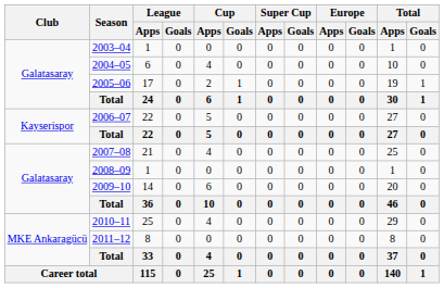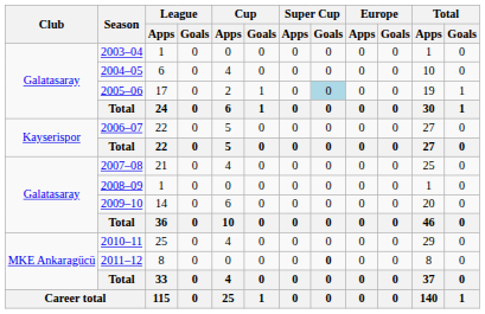 <table class="wikitable" style="text-align: center;">
 <tr>
 <th rowspan="2">Club</th>
 <th rowspan="2">Season</th>
 <th colspan="2">League</th>
 <th colspan="2">Cup</th>
 <th colspan="2">Super Cup</th>
 <th colspan="2">Europe</th>
 <th colspan="2">Total</th>
 </tr>
 <tr>
 <th>Apps</th>
 <th>Goals</th>
 <th>Apps</th>
 <th>Goals</th>
 <th>Apps</th>
 <th>Goals</th>
 <th>Apps</th>
 <th>Goals</th>
 <th>Apps</th>
 <th>Goals</th>
 </tr>
 <tr>
 <td rowspan="4" valign="center"><a href='#'>Galatasaray</a></td>
 <td><a href='#'>2003–04</a></td>
 <td>1</td>
 <td>0</td>
 <td>0</td>
 <td>0</td>
 <td>0</td>
 <td>0</td>
 <td>0</td>
 <td>0</td>
 <td>1</td>
 <td>0</td>
 </tr>
 <tr>
 <td><a href='#'>2004–05</a></td>
 <td>6</td>
 <td>0</td>
 <td>4</td>
 <td>0</td>
 <td>0</td>
 <td>0</td>
 <td>0</td>
 <td>0</td>
 <td>10</td>
 <td>0</td>
 </tr>
 <tr>
 <td><a href='#'>2005–06</a></td>
 <td>17</td>
 <td>0</td>
 <td>2</td>
 <td>1</td>
 <td>0</td>
-<td>0</td>
+<td style="background: lightblue;">0</td>
 <td>0</td>
 <td>0</td>
 <td>19</td>
 <td>1</td>
 </tr>
 <tr>
 <th>Total</th>
 <th>24</th>
 <th>0</th>
 <th>6</th>
 <th>1</th>
 <th>0</th>
 <th>0</th>
 <th>0</th>
 <th>0</th>
 <th>30</th>
 <th>1</th>
 </tr>
 <tr>
 <td rowspan="2" style="vertical-align:center;"><a href='#'>Kayserispor</a></td>
 <td><a href='#'>2006–07</a></td>
 <td>22</td>
 <td>0</td>
 <td>5</td>
 <td>0</td>
 <td>0</td>
 <td>0</td>
 <td>0</td>
 <td>0</td>
 <td>27</td>
 <td>0</td>
 </tr>
 <tr>
 <th>Total</th>
 <th>22</th>
 <th>0</th>
 <th>5</th>
 <th>0</th>
 <th>0</th>
 <th>0</th>
 <th>0</th>
 <th>0</th>
 <th>27</th>
 <th>0</th>
 </tr>
 <tr>
 <td rowspan="4" valign="center"><a href='#'>Galatasaray</a></td>
 <td><a href='#'>2007–08</a></td>
 <td>21</td>
 <td>0</td>
 <td>4</td>
 <td>0</td>
 <td>0</td>
 <td>0</td>
 <td>0</td>
 <td>0</td>
 <td>25</td>
 <td>0</td>
 </tr>
 <tr>
 <td><a href='#'>2008–09</a></td>
 <td>1</td>
 <td>0</td>
 <td>0</td>
 <td>0</td>
 <td>0</td>
 <td>0</td>
 <td>0</td>
 <td>0</td>
 <td>1</td>
 <td>0</td>
 </tr>
 <tr>
 <td><a href='#'>2009–10</a></td>
 <td>14</td>
 <td>0</td>
 <td>6</td>
 <td>0</td>
 <td>0</td>
 <td>0</td>
 <td>0</td>
 <td>0</td>
 <td>20</td>
 <td>0</td>
 </tr>
 <tr>
 <th>Total</th>
 <th>36</th>
 <th>0</th>
 <th>10</th>
 <th>0</th>
 <th>0</th>
 <th>0</th>
 <th>0</th>
 <th>0</th>
 <th>46</th>
 <th>0</th>
 </tr>
 <tr>
 <td rowspan="3" valign="center"><a href='#'>MKE Ankaragücü</a></td>
 <td><a href='#'>2010–11</a></td>
 <td>25</td>
 <td>0</td>
 <td>4</td>
 <td>0</td>
 <td>0</td>
 <td>0</td>
 <td>0</td>
 <td>0</td>
 <td>29</td>
 <td>0</td>
 </tr>
 <tr>
 <td><a href='#'>2011–12</a></td>
 <td>8</td>
 <td>0</td>
 <td>0</td>
 <td>0</td>
 <td>0</td>
-<td>0</td>
+<td><strong>0</strong></td>
 <td>0</td>
 <td>0</td>
 <td>8</td>
 <td>0</td>
 </tr>
 <tr>
 <th>Total</th>
 <th>33</th>
 <th>0</th>
 <th>4</th>
 <th>0</th>
 <th>0</th>
 <th>0</th>
 <th>0</th>
 <th>0</th>
 <th>37</th>
 <th>0</th>
 </tr>
 <tr>
 <th colspan="2">Career total</th>
 <th>115</th>
 <th>0</th>
 <th>25</th>
 <th>1</th>
 <th>0</th>
 <th>0</th>
 <th>0</th>
 <th>0</th>
 <th>140</th>
 <th>1</th>
 </tr>
 </table>
